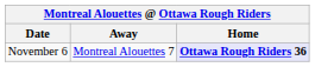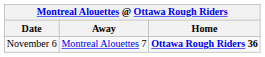 <table class="wikitable">
 <tr>
 <th colspan="3"><a href='#'>Montreal Alouettes</a> @ <a href='#'>Ottawa Rough Riders</a></th>
 </tr>
 <tr>
 <th>Date</th>
 <th>Away</th>
 <th>Home</th>
 </tr>
 <tr>
 <td>November 6</td>
 <td><a href='#'>Montreal Alouettes</a> 7</td>
-<td style="background: lavender;"><strong><a href='#'>Ottawa Rough Riders</a> 36</strong></td>
+<td><strong><a href='#'>Ottawa Rough Riders</a> 36</strong></td>
 </tr>
 </table>
